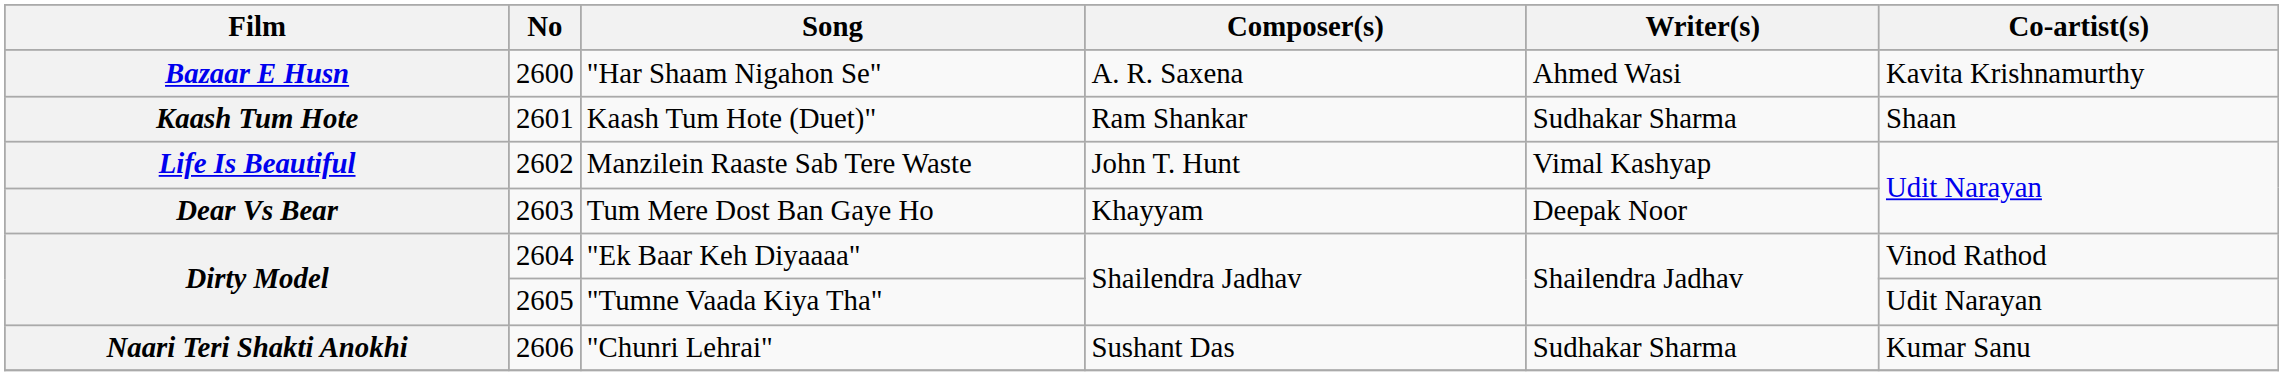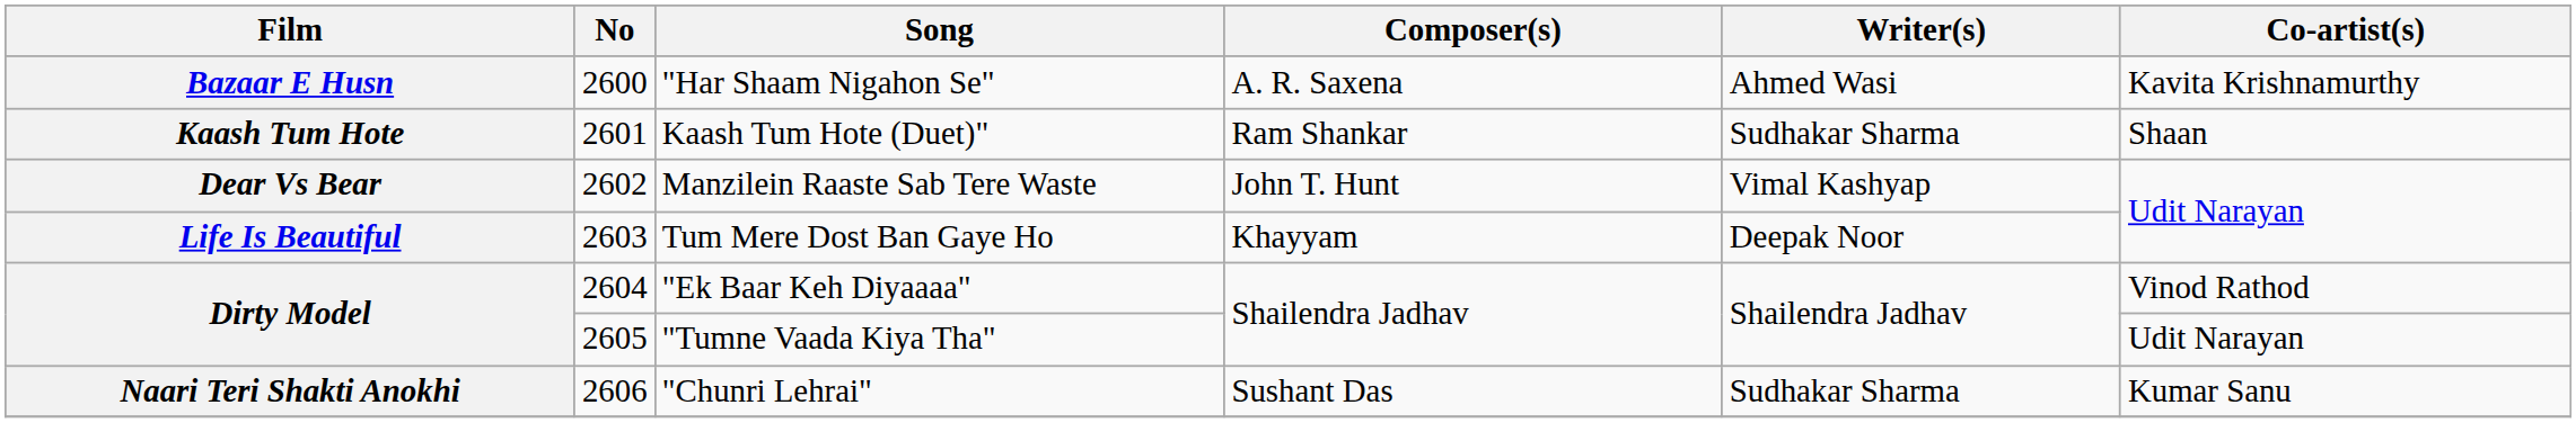 <table class="wikitable plainrowheaders" width="100%" textcolor:#000;">
 <tr style="background:#b0e0e66;">
 <th scope="col" width=23%><strong>Film</strong></th>
 <th><strong>No</strong></th>
 <th scope="col" width=23%><strong>Song</strong></th>
 <th scope="col" width=20%><strong>Composer(s)</strong></th>
 <th scope="col" width=16%><strong>Writer(s)</strong></th>
 <th scope="col" width=18%><strong>Co-artist(s)</strong></th>
 </tr>
 <tr>
 <th><em><a href='#'>Bazaar E Husn</a></em></th>
 <td>2600</td>
 <td>"Har Shaam Nigahon Se"</td>
 <td>A. R. Saxena</td>
 <td>Ahmed Wasi</td>
 <td>Kavita Krishnamurthy</td>
 </tr>
 <tr>
 <th><em>Kaash Tum Hote</em></th>
 <td>2601</td>
 <td>Kaash Tum Hote (Duet)"</td>
 <td>Ram Shankar</td>
 <td>Sudhakar Sharma</td>
 <td>Shaan</td>
 </tr>
 <tr>
-<th><em><a href='#'>Life Is Beautiful</a></em></th>
+<th><em>Dear Vs Bear</em></th>
 <td>2602</td>
 <td>Manzilein Raaste Sab Tere Waste</td>
 <td>John T. Hunt</td>
 <td>Vimal Kashyap</td>
 <td rowspan=2><a href='#'>Udit Narayan</a></td>
 </tr>
 <tr>
-<th><em>Dear Vs Bear</em></th>
+<th><em><a href='#'>Life Is Beautiful</a></em></th>
 <td>2603</td>
 <td>Tum Mere Dost Ban Gaye Ho</td>
 <td>Khayyam</td>
 <td>Deepak Noor</td>
 </tr>
 <tr>
 <th rowspan=2><em>Dirty Model</em></th>
 <td>2604</td>
 <td>"Ek Baar Keh Diyaaaa"</td>
 <td rowspan=2>Shailendra Jadhav</td>
 <td rowspan=2>Shailendra Jadhav</td>
 <td>Vinod Rathod</td>
 </tr>
 <tr>
 <td>2605</td>
 <td>"Tumne Vaada Kiya Tha"</td>
 <td>Udit Narayan</td>
 </tr>
 <tr>
 <th><em>Naari Teri Shakti Anokhi</em></th>
 <td>2606</td>
 <td>"Chunri Lehrai"</td>
 <td>Sushant Das</td>
 <td>Sudhakar Sharma</td>
 <td>Kumar Sanu</td>
 </tr>
 <tr>
 </tr>
 </table>
